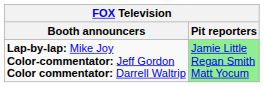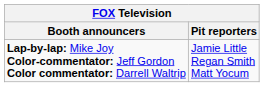 <table class="wikitable" style="font-size: 95%">
 <tr>
 <th colspan="2"><a href='#'>FOX</a> Television</th>
 </tr>
 <tr>
 <th>Booth announcers</th>
 <th>Pit reporters</th>
 </tr>
 <tr>
 <td><strong>Lap-by-lap:</strong> <a href='#'>Mike Joy</a> <br><strong>Color-commentator:</strong> <a href='#'>Jeff Gordon</a> <br><strong>Color commentator:</strong> <a href='#'>Darrell Waltrip</a></td>
-<td style="background: lightgreen;"><a href='#'>Jamie Little</a><br><a href='#'>Regan Smith</a><br><a href='#'>Matt Yocum</a></td>
+<td><a href='#'>Jamie Little</a><br><a href='#'>Regan Smith</a><br><a href='#'>Matt Yocum</a></td>
 </tr>
 </table>
